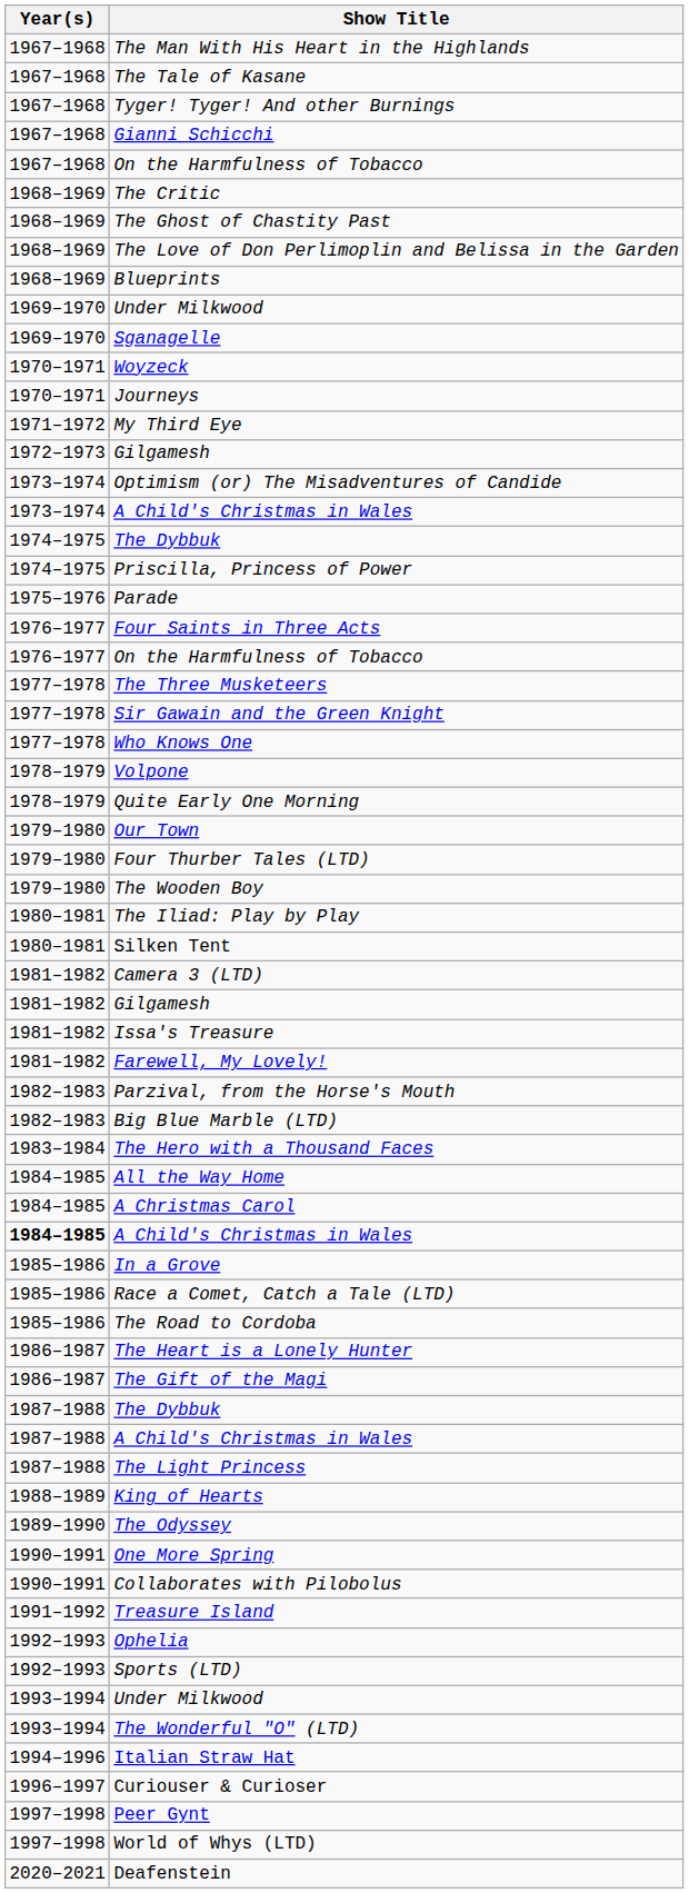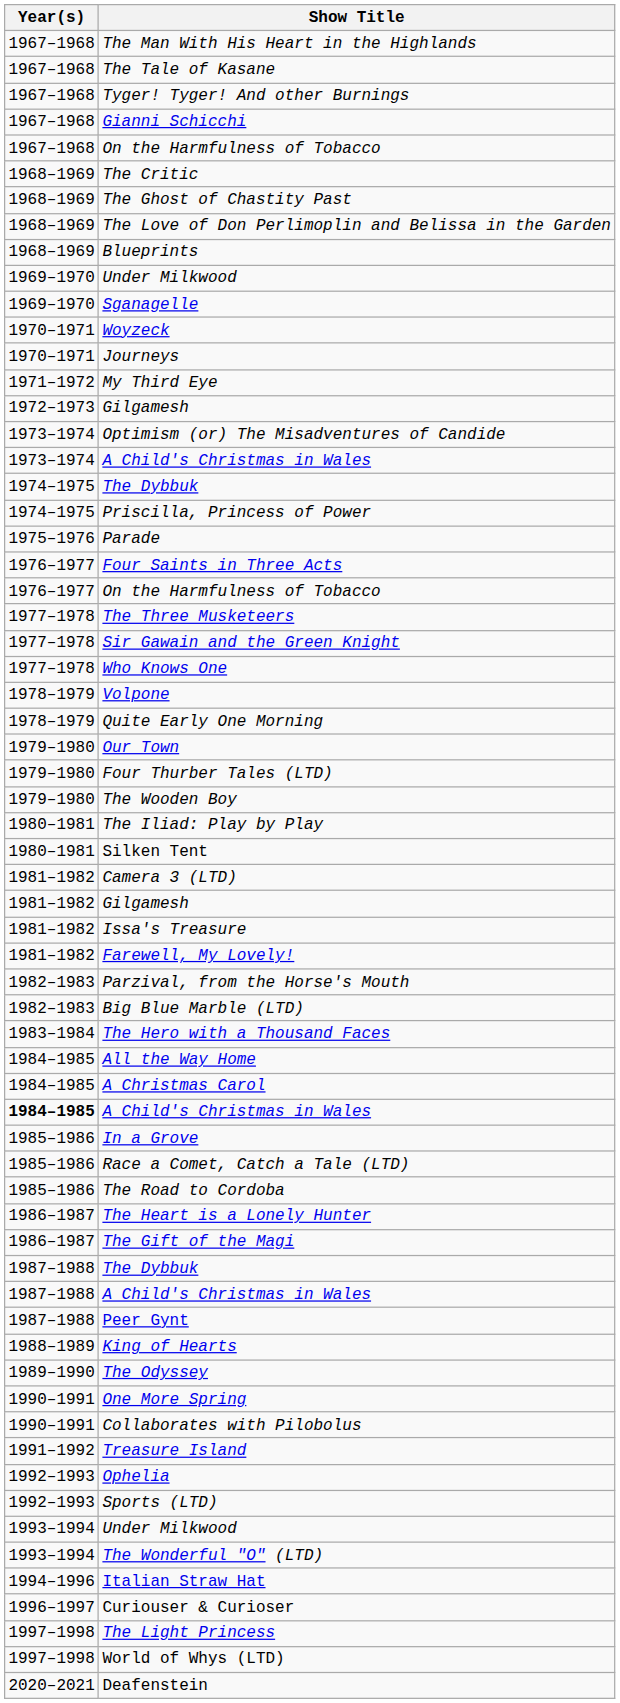 <table class="wikitable">
 <tr>
 <th>Year(s)</th>
 <th>Show Title</th>
 </tr>
 <tr>
 <td>1967–1968</td>
 <td><em>The Man With His Heart in the Highlands</em></td>
 </tr>
 <tr>
 <td>1967–1968</td>
 <td><em>The Tale of Kasane</em></td>
 </tr>
 <tr>
 <td>1967–1968</td>
 <td><em>Tyger! Tyger! And other Burnings</em></td>
 </tr>
 <tr>
 <td>1967–1968</td>
 <td><em><a href='#'>Gianni Schicchi</a></em></td>
 </tr>
 <tr>
 <td>1967–1968</td>
 <td><em>On the Harmfulness of Tobacco</em></td>
 </tr>
 <tr>
 <td>1968–1969</td>
 <td><em>The Critic</em></td>
 </tr>
 <tr>
 <td>1968–1969</td>
 <td><em>The Ghost of Chastity Past</em></td>
 </tr>
 <tr>
 <td>1968–1969</td>
 <td><em>The Love of Don Perlimoplin and Belissa in the Garden</em></td>
 </tr>
 <tr>
 <td>1968–1969</td>
 <td><em>Blueprints</em></td>
 </tr>
 <tr>
 <td>1969–1970</td>
 <td><em>Under Milkwood</em></td>
 </tr>
 <tr>
 <td>1969–1970</td>
 <td><em><a href='#'>Sganagelle</a></em></td>
 </tr>
 <tr>
 <td>1970–1971</td>
 <td><em><a href='#'>Woyzeck</a></em></td>
 </tr>
 <tr>
 <td>1970–1971</td>
 <td><em>Journeys</em></td>
 </tr>
 <tr>
 <td>1971–1972</td>
 <td><em>My Third Eye</em></td>
 </tr>
 <tr>
 <td>1972–1973</td>
 <td><em>Gilgamesh</em></td>
 </tr>
 <tr>
 <td>1973–1974</td>
 <td><em>Optimism (or) The Misadventures of Candide</em></td>
 </tr>
 <tr>
 <td>1973–1974</td>
 <td><em><a href='#'>A Child's Christmas in Wales</a></em></td>
 </tr>
 <tr>
 <td>1974–1975</td>
 <td><em><a href='#'>The Dybbuk</a></em></td>
 </tr>
 <tr>
 <td>1974–1975</td>
 <td><em>Priscilla, Princess of Power</em></td>
 </tr>
 <tr>
 <td>1975–1976</td>
 <td><em>Parade</em></td>
 </tr>
 <tr>
 <td>1976–1977</td>
 <td><em><a href='#'>Four Saints in Three Acts</a></em></td>
 </tr>
 <tr>
 <td>1976–1977</td>
 <td><em>On the Harmfulness of Tobacco</em></td>
 </tr>
 <tr>
 <td>1977–1978</td>
 <td><em><a href='#'>The Three Musketeers</a></em></td>
 </tr>
 <tr>
 <td>1977–1978</td>
 <td><em><a href='#'>Sir Gawain and the Green Knight</a></em></td>
 </tr>
 <tr>
 <td>1977–1978</td>
 <td><em><a href='#'>Who Knows One</a></em></td>
 </tr>
 <tr>
 <td>1978–1979</td>
 <td><em><a href='#'>Volpone</a></em></td>
 </tr>
 <tr>
 <td>1978–1979</td>
 <td><em>Quite Early One Morning</em></td>
 </tr>
 <tr>
 <td>1979–1980</td>
 <td><em><a href='#'>Our Town</a></em></td>
 </tr>
 <tr>
 <td>1979–1980</td>
 <td><em>Four Thurber Tales (LTD)</em></td>
 </tr>
 <tr>
 <td>1979–1980</td>
 <td><em>The Wooden Boy</em></td>
 </tr>
 <tr>
 <td>1980–1981</td>
 <td><em>The Iliad: Play by Play</em></td>
 </tr>
 <tr>
 <td>1980–1981</td>
 <td>Silken Tent</td>
 </tr>
 <tr>
 <td>1981–1982</td>
 <td><em>Camera 3 (LTD)</em></td>
 </tr>
 <tr>
 <td>1981–1982</td>
 <td><em>Gilgamesh</em></td>
 </tr>
 <tr>
 <td>1981–1982</td>
 <td><em>Issa's Treasure</em></td>
 </tr>
 <tr>
 <td>1981–1982</td>
 <td><em><a href='#'>Farewell, My Lovely!</a></em></td>
 </tr>
 <tr>
 <td>1982–1983</td>
 <td><em>Parzival, from the Horse's Mouth</em></td>
 </tr>
 <tr>
 <td>1982–1983</td>
 <td><em>Big Blue Marble (LTD)</em></td>
 </tr>
 <tr>
 <td>1983–1984</td>
 <td><em><a href='#'>The Hero with a Thousand Faces</a></em></td>
 </tr>
 <tr>
 <td>1984–1985</td>
 <td><em><a href='#'>All the Way Home</a></em></td>
 </tr>
 <tr>
 <td>1984–1985</td>
 <td><em><a href='#'>A Christmas Carol</a></em></td>
 </tr>
 <tr>
 <td><strong>1984–1985</strong></td>
 <td><em><a href='#'>A Child's Christmas in Wales</a></em></td>
 </tr>
 <tr>
 <td>1985–1986</td>
 <td><em><a href='#'>In a Grove</a></em></td>
 </tr>
 <tr>
 <td>1985–1986</td>
 <td><em>Race a Comet, Catch a Tale (LTD)</em></td>
 </tr>
 <tr>
 <td>1985–1986</td>
 <td><em>The Road to Cordoba</em></td>
 </tr>
 <tr>
 <td>1986–1987</td>
 <td><em><a href='#'>The Heart is a Lonely Hunter</a></em></td>
 </tr>
 <tr>
 <td>1986–1987</td>
 <td><em><a href='#'>The Gift of the Magi</a></em></td>
 </tr>
 <tr>
 <td>1987–1988</td>
 <td><em><a href='#'>The Dybbuk</a></em></td>
 </tr>
 <tr>
 <td>1987–1988</td>
 <td><em><a href='#'>A Child's Christmas in Wales</a></em></td>
 </tr>
 <tr>
 <td>1987–1988</td>
-<td><em><a href='#'>The Light Princess</a></em></td>
+<td><a href='#'>Peer Gynt</a></td>
 </tr>
 <tr>
 <td>1988–1989</td>
 <td><em><a href='#'>King of Hearts</a></em></td>
 </tr>
 <tr>
 <td>1989–1990</td>
 <td><em><a href='#'>The Odyssey</a></em></td>
 </tr>
 <tr>
 <td>1990–1991</td>
 <td><em><a href='#'>One More Spring</a></em></td>
 </tr>
 <tr>
 <td>1990–1991</td>
 <td><em>Collaborates with Pilobolus</em></td>
 </tr>
 <tr>
 <td>1991–1992</td>
 <td><em><a href='#'>Treasure Island</a></em></td>
 </tr>
 <tr>
 <td>1992–1993</td>
 <td><em><a href='#'>Ophelia</a></em></td>
 </tr>
 <tr>
 <td>1992–1993</td>
 <td><em>Sports (LTD)</em></td>
 </tr>
 <tr>
 <td>1993–1994</td>
 <td><em>Under Milkwood</em></td>
 </tr>
 <tr>
 <td>1993–1994</td>
 <td><em><a href='#'>The Wonderful "O"</a> (LTD)</em></td>
 </tr>
 <tr>
 <td>1994–1996</td>
 <td><a href='#'>Italian Straw Hat</a></td>
 </tr>
 <tr>
 <td>1996–1997</td>
 <td>Curiouser & Curioser</td>
 </tr>
 <tr>
 <td>1997–1998</td>
-<td><a href='#'>Peer Gynt</a></td>
+<td><em><a href='#'>The Light Princess</a></em></td>
 </tr>
 <tr>
 <td>1997–1998</td>
 <td>World of Whys (LTD)</td>
 </tr>
 <tr>
 <td>2020–2021</td>
 <td>Deafenstein</td>
 </tr>
 </table>
